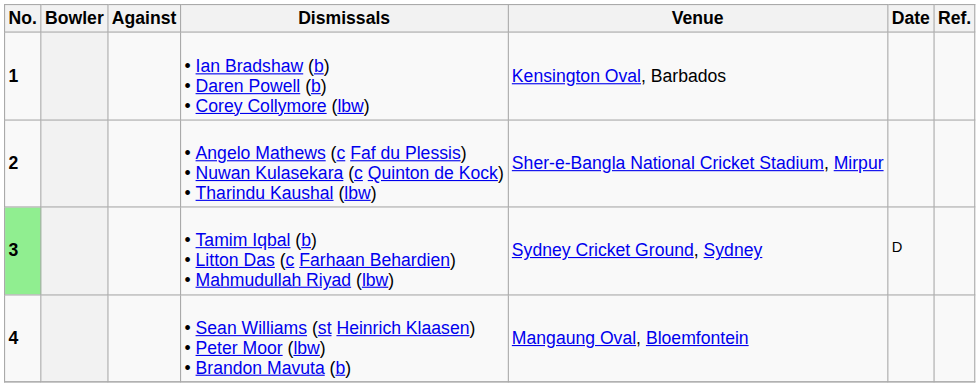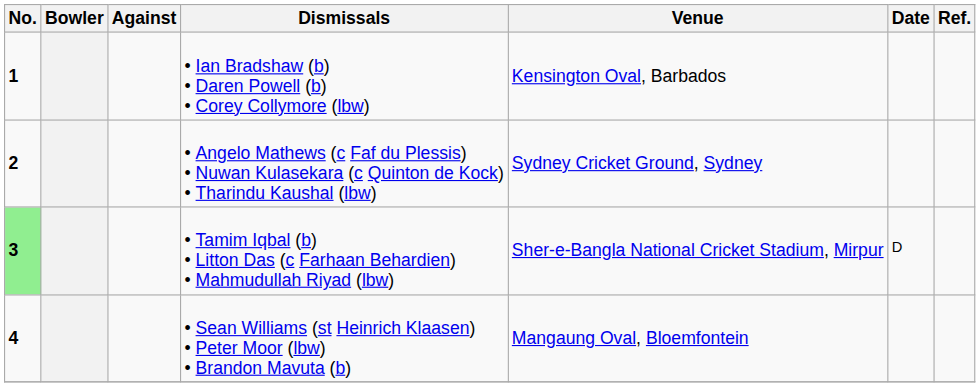 <table class="wikitable sortable plainrowheaders" style="font-size: 100%">
 <tr>
 <th scope="col">No.</th>
 <th scope="col">Bowler</th>
 <th scope="col">Against</th>
 <th scope="col">Dismissals</th>
 <th scope="col">Venue</th>
 <th scope="col">Date</th>
 <th scope="col" class="unsortable">Ref.</th>
 </tr>
 <tr>
 <td><strong>1</strong></td>
 <th scope="row"></th>
 <td></td>
 <td><br>• <a href='#'>Ian Bradshaw</a> (<a href='#'>b</a>)<br> • <a href='#'>Daren Powell</a> (<a href='#'>b</a>)<br> • <a href='#'>Corey Collymore</a> (<a href='#'>lbw</a>)</td>
 <td> <a href='#'>Kensington Oval</a>, Barbados</td>
 <td></td>
 <td></td>
 </tr>
 <tr>
 <td><strong>2</strong></td>
 <th scope="row"></th>
 <td></td>
 <td><br>• <a href='#'>Angelo Mathews</a> (<a href='#'>c</a> <a href='#'>Faf du Plessis</a>)<br> • <a href='#'>Nuwan Kulasekara</a> (<a href='#'>c</a> <a href='#'>Quinton de Kock</a>)<br> • <a href='#'>Tharindu Kaushal</a> (<a href='#'>lbw</a>)<br></td>
-<td> <a href='#'>Sher-e-Bangla National Cricket Stadium</a>, <a href='#'>Mirpur</a></td>
+<td> <a href='#'>Sydney Cricket Ground</a>, <a href='#'>Sydney</a></td>
 <td> </td>
 <td></td>
 </tr>
 <tr>
 <td style="background: lightgreen;"><strong>3</strong></td>
 <th scope="row"></th>
 <td></td>
 <td><br>• <a href='#'>Tamim Iqbal</a> (<a href='#'>b</a>)<br> • <a href='#'>Litton Das</a> (<a href='#'>c</a> <a href='#'>Farhaan Behardien</a>)<br> • <a href='#'>Mahmudullah Riyad</a> (<a href='#'>lbw</a>)<br></td>
-<td> <a href='#'>Sydney Cricket Ground</a>, <a href='#'>Sydney</a></td>
+<td> <a href='#'>Sher-e-Bangla National Cricket Stadium</a>, <a href='#'>Mirpur</a></td>
 <td> <sup>D</sup></td>
 <td></td>
 </tr>
 <tr>
 <td><strong>4</strong></td>
 <th scope="row"></th>
 <td></td>
 <td><br>• <a href='#'>Sean Williams</a> (<a href='#'>st</a> <a href='#'>Heinrich Klaasen</a>)<br> • <a href='#'>Peter Moor</a> (<a href='#'>lbw</a>)<br> • <a href='#'>Brandon Mavuta</a> (<a href='#'>b</a>)<br></td>
 <td> <a href='#'>Mangaung Oval</a>, <a href='#'>Bloemfontein</a></td>
 <td></td>
 <td></td>
 </tr>
 <tr>
 </tr>
 </table>
